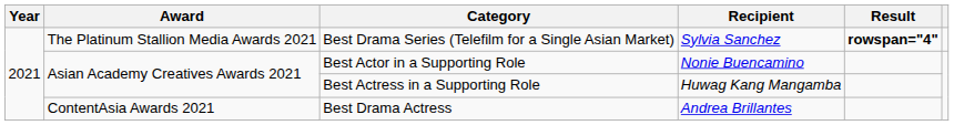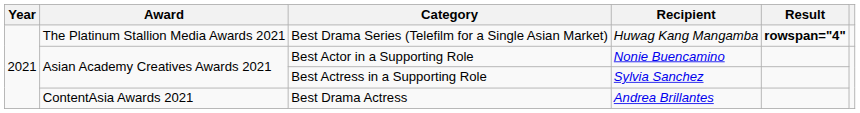 <table class="wikitable sortable">
 <tr>
 <th>Year</th>
 <th>Award</th>
 <th>Category</th>
 <th>Recipient</th>
 <th>Result</th>
 <th scope="col" class="unsortable"></th>
 </tr>
 <tr>
 <td rowspan="4">2021</td>
 <td rowspan="1">The Platinum Stallion Media Awards 2021</td>
 <td>Best Drama Series (Telefilm for a Single Asian Market)</td>
-<td><em><a href='#'>Sylvia Sanchez</a></em></td>
+<td><em>Huwag Kang Mangamba</em></td>
 <td><strong>rowspan="4" </strong></td>
 <td></td>
 </tr>
 <tr>
 <td rowspan="2">Asian Academy Creatives Awards 2021</td>
 <td>Best Actor in a Supporting Role</td>
 <td><em><a href='#'>Nonie Buencamino</a></em></td>
 <td></td>
 </tr>
 <tr>
 <td>Best Actress in a Supporting Role</td>
-<td><em>Huwag Kang Mangamba</em></td>
+<td><em><a href='#'>Sylvia Sanchez</a></em></td>
 <td></td>
 </tr>
 <tr>
 <td>ContentAsia Awards 2021</td>
 <td>Best Drama Actress</td>
 <td><em><a href='#'>Andrea Brillantes</a></em></td>
 <td></td>
 </tr>
 </table>
